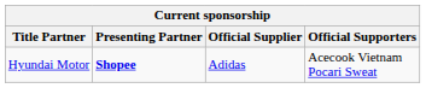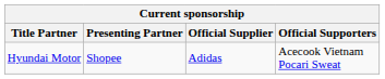 <table class="wikitable">
 <tr>
 <th colspan="4">Current sponsorship</th>
 </tr>
 <tr>
 <th>Title Partner</th>
 <th>Presenting Partner</th>
 <th>Official Supplier</th>
 <th>Official Supporters</th>
 </tr>
 <tr>
 <td><a href='#'>Hyundai Motor</a></td>
-<td><strong><a href='#'>Shopee</a></strong></td>
+<td><a href='#'>Shopee</a></td>
 <td><a href='#'>Adidas</a></td>
 <td>Acecook Vietnam<br><a href='#'>Pocari Sweat</a></td>
 </tr>
 </table>
